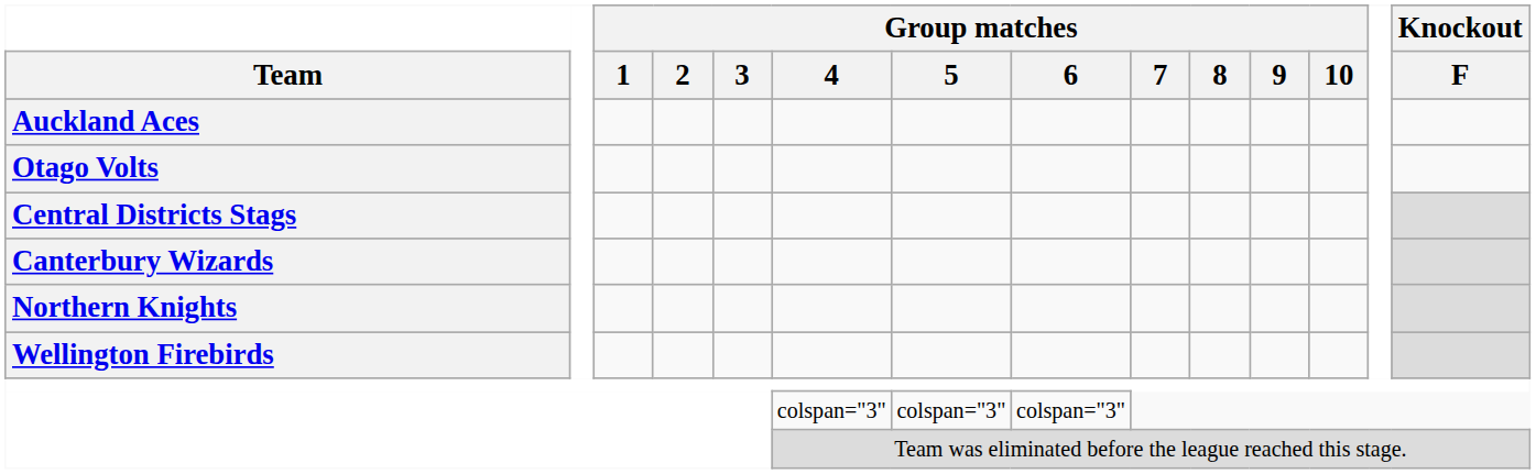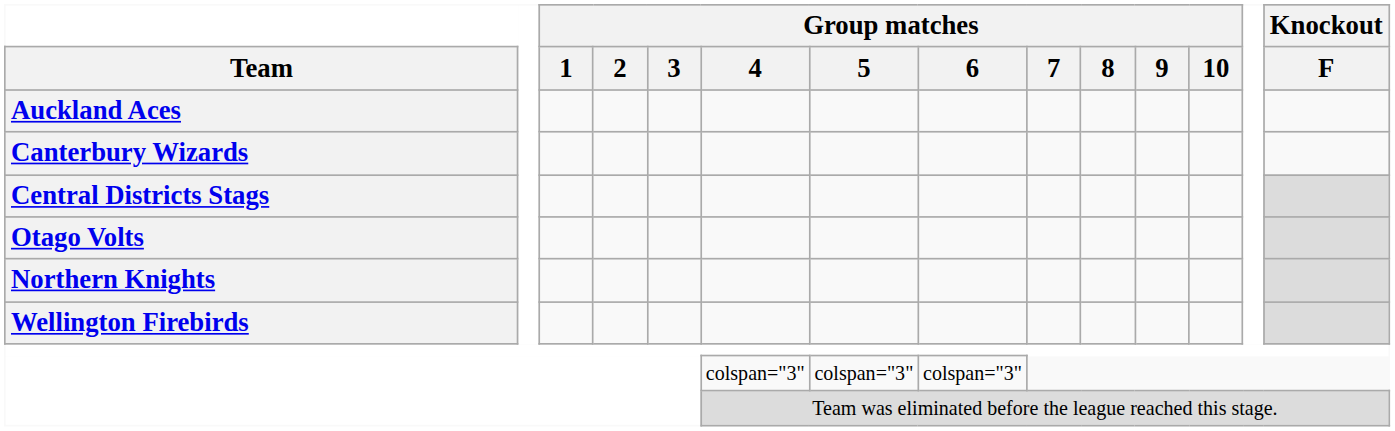 <table class="wikitable" style="border:none">
 <tr>
 <td style="background:white; border:none"></td>
 <td rowspan="8"  style="width:5px;; border:none; background:white;"></td>
 <th colspan="10"><span>Group matches</span></th>
 <td rowspan="8"  style="width:5px;; border:none; background:white;"></td>
 <th><span>Knockout</span></th>
 </tr>
 <tr>
 <th style="width:300px; vertical-align:center;">Team</th>
 <th width=25>1</th>
 <th width=25>2</th>
 <th width=25>3</th>
 <th width=25>4</th>
 <th width=25>5</th>
 <th width=25>6</th>
 <th width=25>7</th>
 <th width=25>8</th>
 <th width=25>9</th>
 <th width=25>10</th>
 <th width=25><span>F</span></th>
 </tr>
 <tr>
 <th style="text-align:left;"><a href='#'>Auckland Aces</a></th>
 <td></td>
 <td></td>
 <td></td>
 <td></td>
 <td></td>
 <td></td>
 <td></td>
 <td></td>
 <td></td>
 <td></td>
 <td></td>
 </tr>
 <tr>
-<th style="text-align:left;"><a href='#'>Otago Volts</a></th>
+<th style="text-align:left;"><a href='#'>Canterbury Wizards</a></th>
 <td></td>
 <td></td>
 <td></td>
 <td></td>
 <td></td>
 <td></td>
 <td></td>
 <td></td>
 <td></td>
 <td></td>
 <td></td>
 </tr>
 <tr>
 <th style="text-align:left;"><a href='#'>Central Districts Stags</a></th>
 <td></td>
 <td></td>
 <td></td>
 <td></td>
 <td></td>
 <td></td>
 <td></td>
 <td></td>
 <td></td>
 <td></td>
 <td style="background:#dcdcdc;"></td>
 </tr>
 <tr>
-<th style="text-align:left;"><a href='#'>Canterbury Wizards</a></th>
+<th style="text-align:left;"><a href='#'>Otago Volts</a></th>
 <td></td>
 <td></td>
 <td></td>
 <td></td>
 <td></td>
 <td></td>
 <td></td>
 <td></td>
 <td></td>
 <td></td>
 <td style="background:#dcdcdc;"></td>
 </tr>
 <tr>
 <th style="text-align:left;"><a href='#'>Northern Knights</a></th>
 <td></td>
 <td></td>
 <td></td>
 <td></td>
 <td></td>
 <td></td>
 <td></td>
 <td></td>
 <td></td>
 <td></td>
 <td style="background:#dcdcdc;"></td>
 </tr>
 <tr>
 <th style="text-align:left;"><a href='#'>Wellington Firebirds</a></th>
 <td></td>
 <td></td>
 <td></td>
 <td></td>
 <td></td>
 <td></td>
 <td></td>
 <td></td>
 <td></td>
 <td></td>
 <td style="background:#dcdcdc;"></td>
 </tr>
 <tr>
 <td colspan="14" style="background:white; border:none"></td>
 </tr>
 <tr style="font-size:75%">
 <td colspan="5" rowspan="2" style="background:white; border:none; vertical-align:center"><br></td>
 <td>colspan="3" </td>
 <td>colspan="3" </td>
 <td>colspan="3" </td>
 </tr>
 <tr style="font-size:75%">
 <td colspan="9" style="background:#dcdcdc; text-align:center; vertical-align:center">Team was eliminated before the league reached this stage.</td>
 </tr>
 </table>
